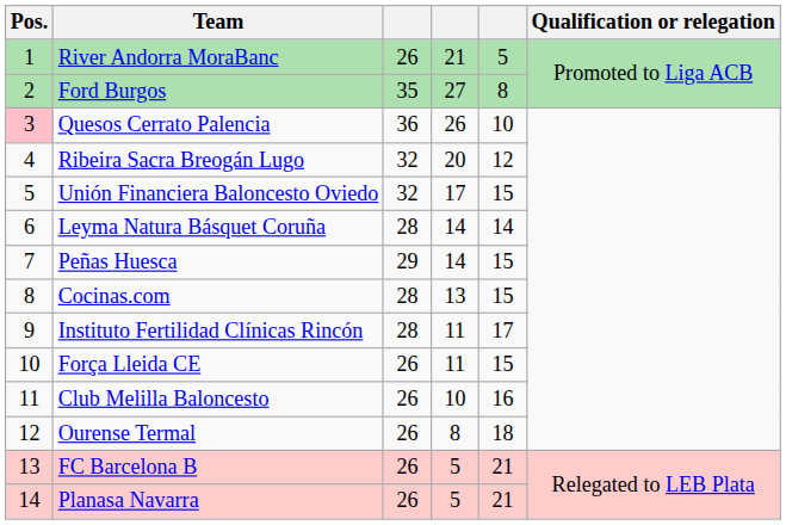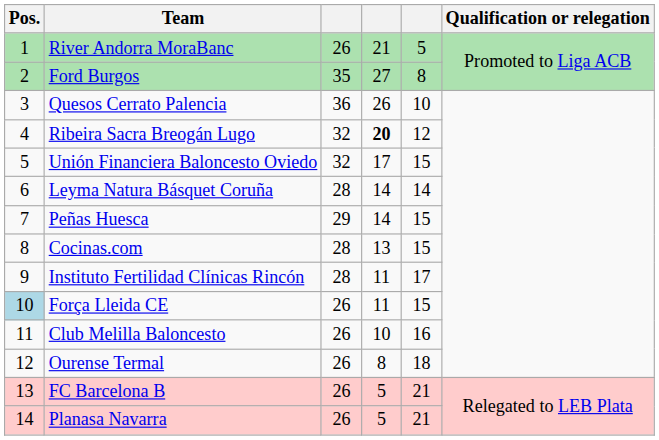 <table class="wikitable" style="text-align: center">
 <tr>
 <th width=28>Pos.</th>
 <th>Team</th>
 <th width=28></th>
 <th width=28></th>
 <th width=28></th>
 <th>Qualification or relegation</th>
 </tr>
 <tr style="background:#ace1af;">
 <td>1</td>
 <td align="left"><a href='#'>River Andorra MoraBanc</a></td>
 <td>26</td>
 <td>21</td>
 <td>5</td>
 <td rowspan=2>Promoted to <a href='#'>Liga ACB</a></td>
 </tr>
 <tr style="background:#ace1af;">
 <td>2</td>
 <td align="left"><a href='#'>Ford Burgos</a></td>
 <td>35</td>
 <td>27</td>
 <td>8</td>
 </tr>
 <tr>
-<td style="background: pink;">3</td>
+<td>3</td>
 <td align="left"><a href='#'>Quesos Cerrato Palencia</a></td>
 <td>36</td>
 <td>26</td>
 <td>10</td>
 </tr>
 <tr>
 <td>4</td>
 <td align="left"><a href='#'>Ribeira Sacra Breogán Lugo</a></td>
 <td>32</td>
-<td>20</td>
+<td><strong>20</strong></td>
 <td>12</td>
 </tr>
 <tr>
 <td>5</td>
 <td align="left"><a href='#'>Unión Financiera Baloncesto Oviedo</a></td>
 <td>32</td>
 <td>17</td>
 <td>15</td>
 </tr>
 <tr>
 <td>6</td>
 <td align="left"><a href='#'>Leyma Natura Básquet Coruña</a></td>
 <td>28</td>
 <td>14</td>
 <td>14</td>
 </tr>
 <tr>
 <td>7</td>
 <td align="left"><a href='#'>Peñas Huesca</a></td>
 <td>29</td>
 <td>14</td>
 <td>15</td>
 </tr>
 <tr>
 <td>8</td>
 <td align="left"><a href='#'>Cocinas.com</a></td>
 <td>28</td>
 <td>13</td>
 <td>15</td>
 </tr>
 <tr>
 <td>9</td>
 <td align="left"><a href='#'>Instituto Fertilidad Clínicas Rincón</a></td>
 <td>28</td>
 <td>11</td>
 <td>17</td>
 </tr>
 <tr>
-<td>10</td>
+<td style="background: lightblue;">10</td>
 <td align="left"><a href='#'>Força Lleida CE</a></td>
 <td>26</td>
 <td>11</td>
 <td>15</td>
 </tr>
 <tr>
 <td>11</td>
 <td align="left"><a href='#'>Club Melilla Baloncesto</a></td>
 <td>26</td>
 <td>10</td>
 <td>16</td>
 </tr>
 <tr>
 <td>12</td>
 <td align="left"><a href='#'>Ourense Termal</a></td>
 <td>26</td>
 <td>8</td>
 <td>18</td>
 </tr>
 <tr style="background:#fcc;">
 <td>13</td>
 <td align="left"><a href='#'>FC Barcelona B</a></td>
 <td>26</td>
 <td>5</td>
 <td>21</td>
 <td rowspan=2>Relegated to <a href='#'>LEB Plata</a></td>
 </tr>
 <tr style="background:#fcc;">
 <td>14</td>
 <td align="left"><a href='#'>Planasa Navarra</a></td>
 <td>26</td>
 <td>5</td>
 <td>21</td>
 </tr>
 </table>
